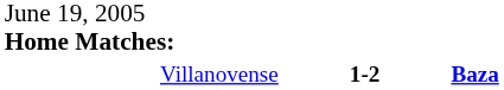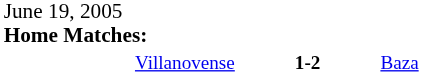 <table width=100% cellspacing=1>
 <tr>
 <th width=20%></th>
 <th width=12%></th>
 <th width=20%></th>
 <th></th>
 </tr>
 <tr>
 <td>June 19, 2005<br><strong>Home Matches:</strong></td>
 </tr>
 <tr style=font-size:90%>
 <td align=right><a href='#'>Villanovense</a></td>
 <td align=center><strong>1-2</strong></td>
-<td><strong><a href='#'>Baza</a></strong></td>
+<td><a href='#'>Baza</a></td>
 </tr>
 </table>
